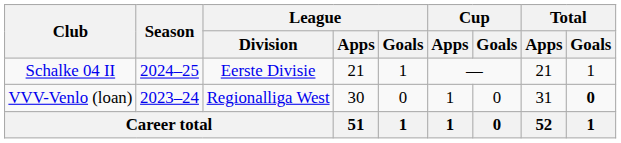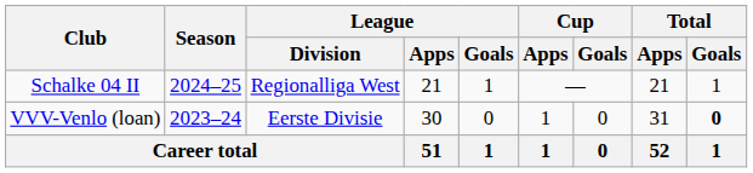 <table class="wikitable nowrap" style="text-align:center">
 <tr>
 <th rowspan="2">Club</th>
 <th rowspan="2">Season</th>
 <th colspan="3">League</th>
 <th colspan="2">Cup</th>
 <th colspan="2">Total</th>
 </tr>
 <tr>
 <th>Division</th>
 <th>Apps</th>
 <th>Goals</th>
 <th>Apps</th>
 <th>Goals</th>
 <th>Apps</th>
 <th>Goals</th>
 </tr>
 <tr>
 <td><a href='#'>Schalke 04 II</a></td>
 <td><a href='#'>2024–25</a></td>
-<td><a href='#'>Eerste Divisie</a></td>
+<td><a href='#'>Regionalliga West</a></td>
 <td>21</td>
 <td>1</td>
 <td colspan="2">—</td>
 <td>21</td>
 <td>1</td>
 </tr>
 <tr>
 <td><a href='#'>VVV-Venlo</a> (loan)</td>
 <td><a href='#'>2023–24</a></td>
-<td><a href='#'>Regionalliga West</a></td>
+<td><a href='#'>Eerste Divisie</a></td>
 <td>30</td>
 <td>0</td>
 <td>1</td>
 <td>0</td>
 <td>31</td>
 <td><strong>0</strong></td>
 </tr>
 <tr>
 <th colspan="3">Career total</th>
 <th>51</th>
 <th>1</th>
 <th>1</th>
 <th>0</th>
 <th>52</th>
 <th>1</th>
 </tr>
 </table>
